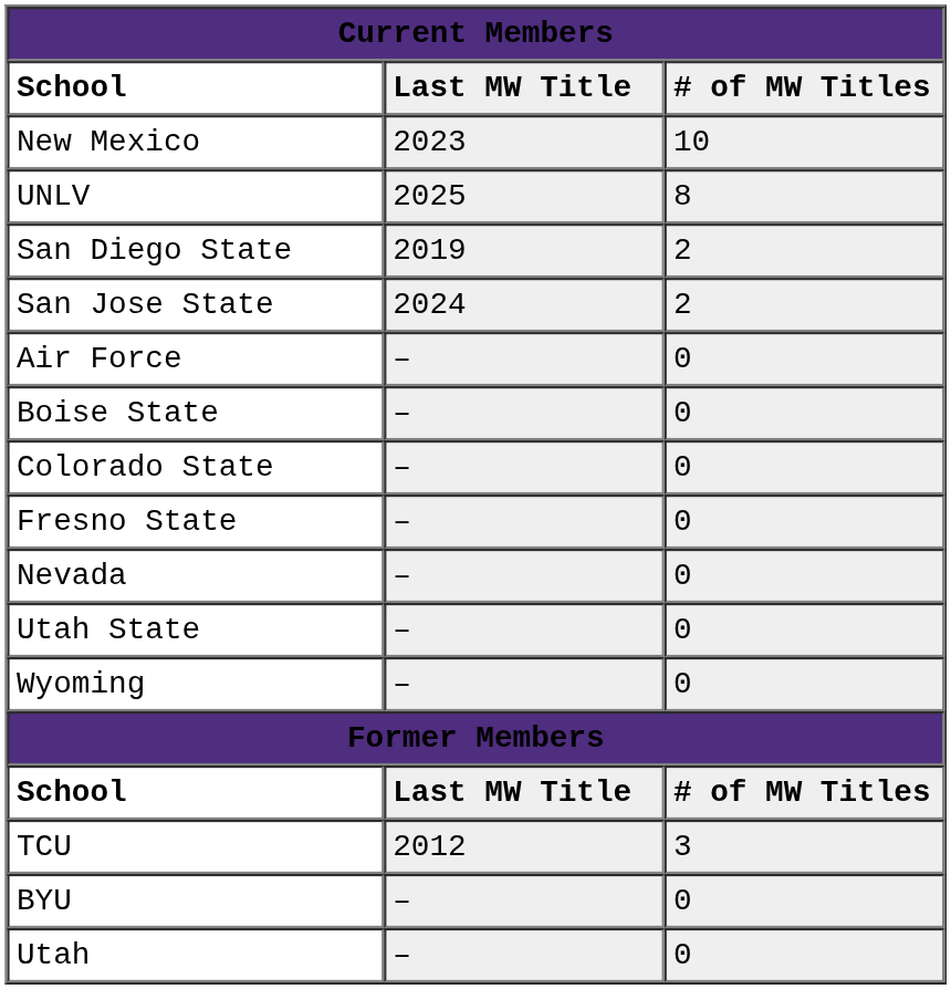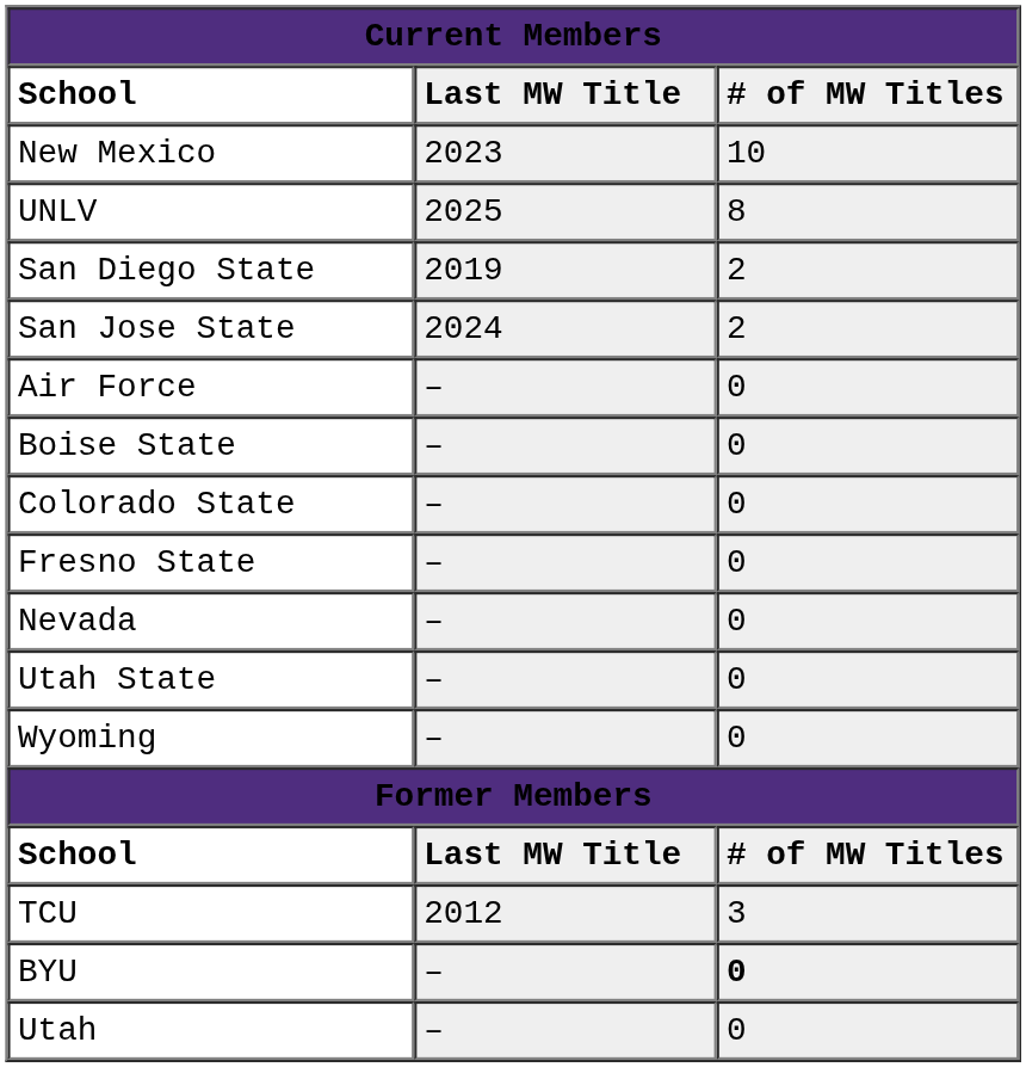 <table border="1" cellpadding="3" cellspacing="0" align="right" width="400px">
 <tr>
 <td colspan=4 align="center" bgcolor="#4F2D7F"><span><strong>Current Members</strong></span></td>
 </tr>
 <tr>
 <td style="background:#ffffff;" width="110"><strong>School</strong></td>
 <td style="background:#efefef;" width="80"><strong>Last MW Title</strong></td>
 <td style="background:#efefef;" width="80"><strong># of MW Titles</strong></td>
 </tr>
 <tr>
 <td bgcolor="#ffffff">New Mexico</td>
 <td bgcolor="#efefef">2023</td>
 <td bgcolor="#efefef">10</td>
 </tr>
 <tr>
 <td bgcolor="#ffffff">UNLV</td>
 <td bgcolor="#efefef">2025</td>
 <td bgcolor="#efefef">8</td>
 </tr>
 <tr>
 <td bgcolor="#ffffff">San Diego State</td>
 <td bgcolor="#efefef">2019</td>
 <td bgcolor="#efefef">2</td>
 </tr>
 <tr>
 <td bgcolor="#ffffff">San Jose State</td>
 <td bgcolor="#efefef">2024</td>
 <td bgcolor="#efefef">2</td>
 </tr>
 <tr>
 <td bgcolor="#ffffff">Air Force</td>
 <td bgcolor="#efefef">–</td>
 <td bgcolor="#efefef">0</td>
 </tr>
 <tr>
 <td bgcolor="#ffffff">Boise State</td>
 <td bgcolor="#efefef">–</td>
 <td bgcolor="#efefef">0</td>
 </tr>
 <tr>
 <td bgcolor="#ffffff">Colorado State</td>
 <td bgcolor="#efefef">–</td>
 <td bgcolor="#efefef">0</td>
 </tr>
 <tr>
 <td bgcolor="#ffffff">Fresno State</td>
 <td bgcolor="#efefef">–</td>
 <td bgcolor="#efefef">0</td>
 </tr>
 <tr>
 <td bgcolor="#ffffff">Nevada</td>
 <td bgcolor="#efefef">–</td>
 <td bgcolor="#efefef">0</td>
 </tr>
 <tr>
 <td bgcolor="#ffffff">Utah State</td>
 <td bgcolor="#efefef">–</td>
 <td bgcolor="#efefef">0</td>
 </tr>
 <tr>
 <td bgcolor="#ffffff">Wyoming</td>
 <td bgcolor="#efefef">–</td>
 <td bgcolor="#efefef">0</td>
 </tr>
 <tr>
 <td colspan=4 align="center" bgcolor="#4F2D7F"><span><strong>Former Members</strong></span></td>
 </tr>
 <tr>
 <td style="background:#ffffff;" width="110"><strong>School</strong></td>
 <td style="background:#efefef;" width="80"><strong>Last MW Title</strong></td>
 <td style="background:#efefef;" width="80"><strong># of MW Titles</strong></td>
 </tr>
 <tr>
 <td bgcolor="#ffffff">TCU</td>
 <td bgcolor="#efefef">2012</td>
 <td bgcolor="#efefef">3</td>
 </tr>
 <tr>
 <td bgcolor="#ffffff">BYU</td>
 <td bgcolor="#efefef">–</td>
-<td bgcolor="#efefef">0</td>
+<td bgcolor="#efefef"><strong>0</strong></td>
 </tr>
 <tr>
 <td bgcolor="#ffffff">Utah</td>
 <td bgcolor="#efefef">–</td>
 <td bgcolor="#efefef">0</td>
 </tr>
 </table>
